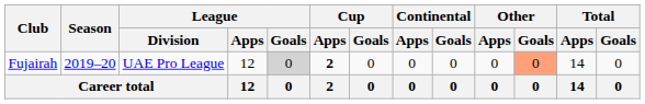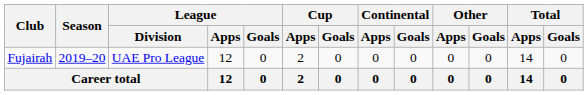 <table class="wikitable" style="text-align: center">
 <tr>
 <th rowspan="2">Club</th>
 <th rowspan="2">Season</th>
 <th colspan="3">League</th>
 <th colspan="2">Cup</th>
 <th colspan="2">Continental</th>
 <th colspan="2">Other</th>
 <th colspan="2">Total</th>
 </tr>
 <tr>
 <th>Division</th>
 <th>Apps</th>
 <th>Goals</th>
 <th>Apps</th>
 <th>Goals</th>
 <th>Apps</th>
 <th>Goals</th>
 <th>Apps</th>
 <th>Goals</th>
 <th>Apps</th>
 <th>Goals</th>
 </tr>
 <tr>
 <td><a href='#'>Fujairah</a></td>
 <td><a href='#'>2019–20</a></td>
 <td><a href='#'>UAE Pro League</a></td>
 <td>12</td>
-<td style="background: lightgrey;">0</td>
-<td><strong>2</strong></td>
+<td>0</td>
+<td>2</td>
 <td>0</td>
 <td>0</td>
 <td>0</td>
 <td>0</td>
-<td style="background: lightsalmon;">0</td>
+<td>0</td>
 <td>14</td>
 <td>0</td>
 </tr>
 <tr>
 <th colspan="3"><strong>Career total</strong></th>
 <th>12</th>
 <th>0</th>
 <th>2</th>
 <th>0</th>
 <th>0</th>
 <th>0</th>
 <th>0</th>
 <th>0</th>
 <th>14</th>
 <th>0</th>
 </tr>
 </table>
